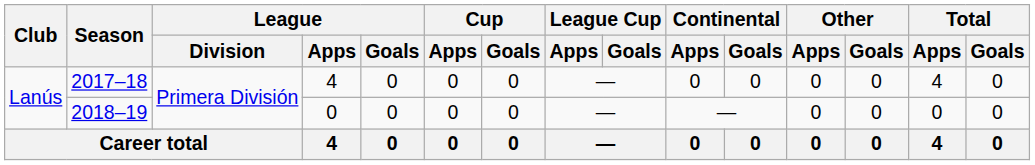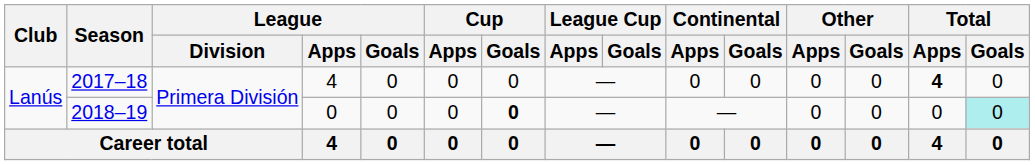 <table class="wikitable" style="text-align:center">
 <tr>
 <th rowspan="2">Club</th>
 <th rowspan="2">Season</th>
 <th colspan="3">League</th>
 <th colspan="2">Cup</th>
 <th colspan="2">League Cup</th>
 <th colspan="2">Continental</th>
 <th colspan="2">Other</th>
 <th colspan="2">Total</th>
 </tr>
 <tr>
 <th>Division</th>
 <th>Apps</th>
 <th>Goals</th>
 <th>Apps</th>
 <th>Goals</th>
 <th>Apps</th>
 <th>Goals</th>
 <th>Apps</th>
 <th>Goals</th>
 <th>Apps</th>
 <th>Goals</th>
 <th>Apps</th>
 <th>Goals</th>
 </tr>
 <tr>
 <td rowspan="2"><a href='#'>Lanús</a></td>
 <td><a href='#'>2017–18</a></td>
 <td rowspan="2"><a href='#'>Primera División</a></td>
 <td>4</td>
 <td>0</td>
 <td>0</td>
 <td>0</td>
 <td colspan="2">—</td>
 <td>0</td>
 <td>0</td>
 <td>0</td>
 <td>0</td>
-<td>4</td>
+<td><strong>4</strong></td>
 <td>0</td>
 </tr>
 <tr>
 <td><a href='#'>2018–19</a></td>
 <td>0</td>
 <td>0</td>
 <td>0</td>
-<td>0</td>
+<td><strong>0</strong></td>
 <td colspan="2">—</td>
 <td colspan="2">—</td>
 <td>0</td>
 <td>0</td>
 <td>0</td>
-<td>0</td>
+<td style="background: paleturquoise;">0</td>
 </tr>
 <tr>
 <th colspan="3">Career total</th>
 <th>4</th>
 <th>0</th>
 <th>0</th>
 <th>0</th>
 <th colspan="2">—</th>
 <th>0</th>
 <th>0</th>
 <th>0</th>
 <th>0</th>
 <th>4</th>
 <th>0</th>
 </tr>
 </table>
